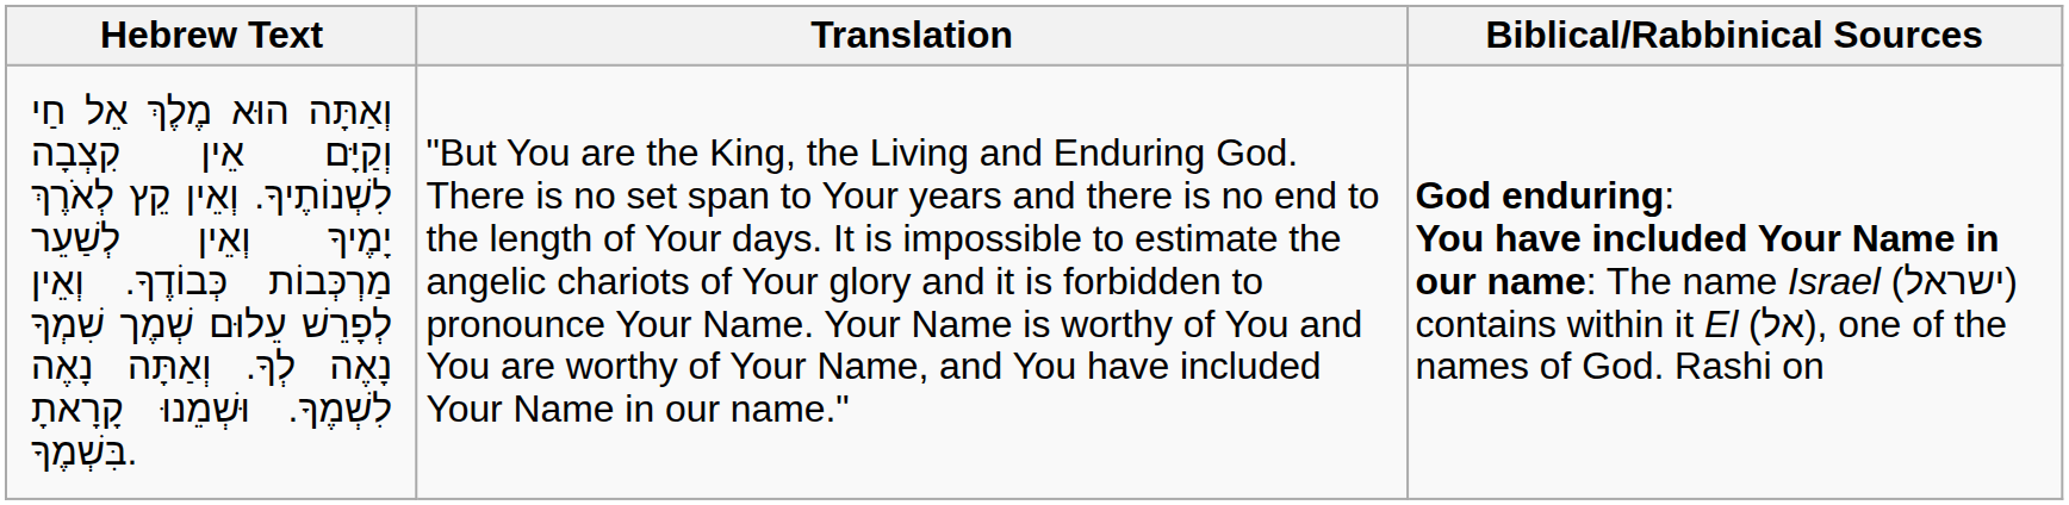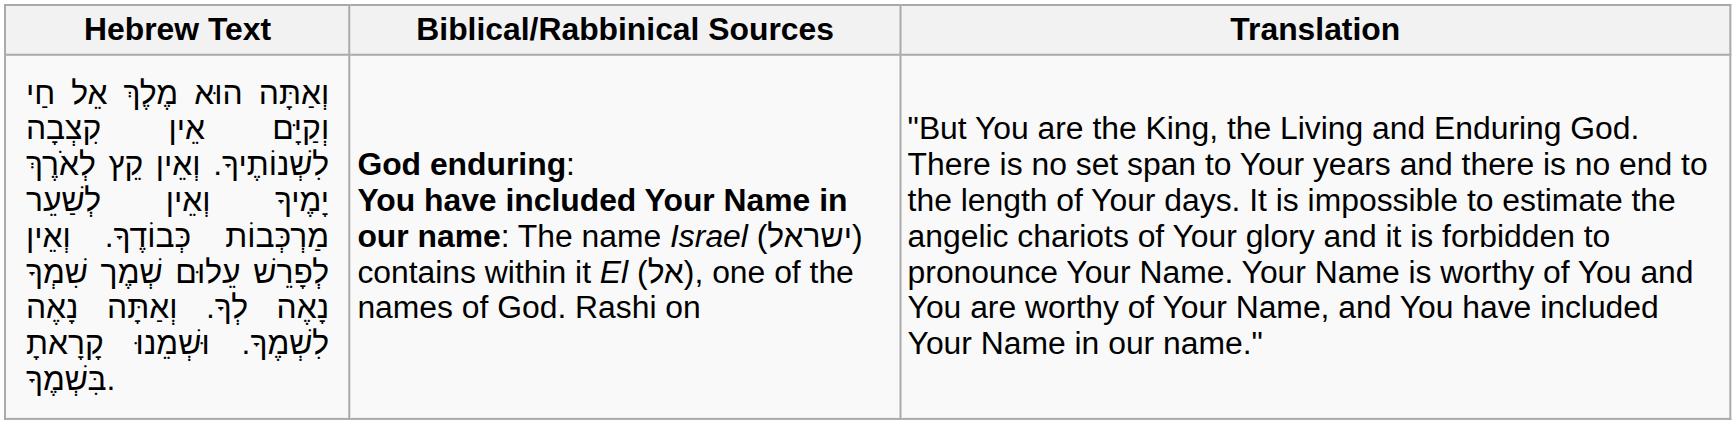 <table class="wikitable">
 <tr>
 <th>Hebrew Text</th>
+<th>Biblical/Rabbinical Sources</th>
 <th>Translation</th>
-<th>Biblical/Rabbinical Sources</th>
 </tr>
 <tr>
 <td style="width:20%; text-align:justify; padding:10px">וְאַתָּה הוּא מֶלֶךְ אֵל חַי וְקַיָּם אֵין קִצְבָה לִשְׁנוֹתֶיךָ. וְאֵין קֵץ לְאֹרֶךְ יָמֶיךָ וְאֵין לְשַׁעֵר מַרְכְּבוֹת כְּבוֹדֶךָ. וְאֵין לְפָרֵשׁ עֵלוּם שְׁמֶך שִׁמְךָ נָאֶה לְךָ. וְאַתָּה נָאֶה לִשְׁמֶךָ. וּשְׁמֵנוּ קָרָאתָ בִּשְׁמֶךָ.</td>
+<td><strong>God enduring</strong>: <br><strong>You have included Your Name in our name</strong>: The name <em>Israel</em> (ישראל) contains within it <em>El</em> (אל), one of the names of God. Rashi on </td>
 <td>"But You are the King, the Living and Enduring God.<br>There is no set span to Your years and there is no end to the length of Your days. It is impossible to estimate the angelic chariots of Your glory and it is forbidden to pronounce Your Name. Your Name is worthy of You and You are worthy of Your Name, and You have included Your Name in our name."</td>
-<td><strong>God enduring</strong>: <br><strong>You have included Your Name in our name</strong>: The name <em>Israel</em> (ישראל) contains within it <em>El</em> (אל), one of the names of God. Rashi on </td>
 </tr>
 </table>
